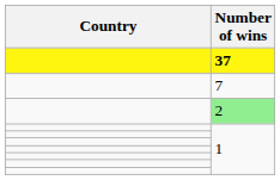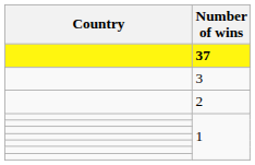 <table class="wikitable">
 <tr>
 <th>Country</th>
 <th>Number of wins</th>
 </tr>
 <tr bgcolor=#FFF60F>
 <td width="200px"><strong></strong></td>
 <td width="25px"><strong>37</strong></td>
 </tr>
 <tr>
 <td></td>
-<td>7</td>
+<td>3</td>
 </tr>
 <tr>
 <td></td>
-<td style="background: lightgreen;">2</td>
+<td>2</td>
 </tr>
 <tr>
 <td></td>
 <td rowspan="7">1</td>
 </tr>
 <tr>
 <td></td>
 </tr>
 <tr>
 <td></td>
 </tr>
 <tr>
 <td></td>
 </tr>
 <tr>
 <td></td>
 </tr>
 <tr>
 <td></td>
 </tr>
 <tr>
 <td></td>
 </tr>
 </table>
